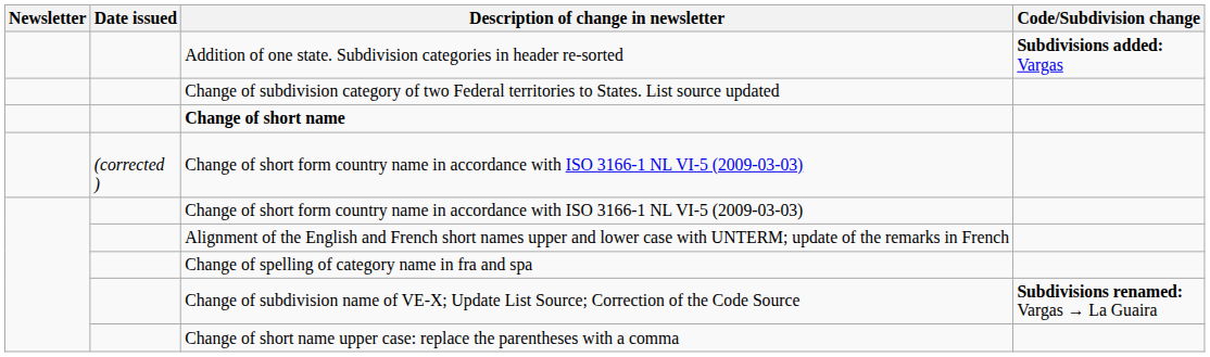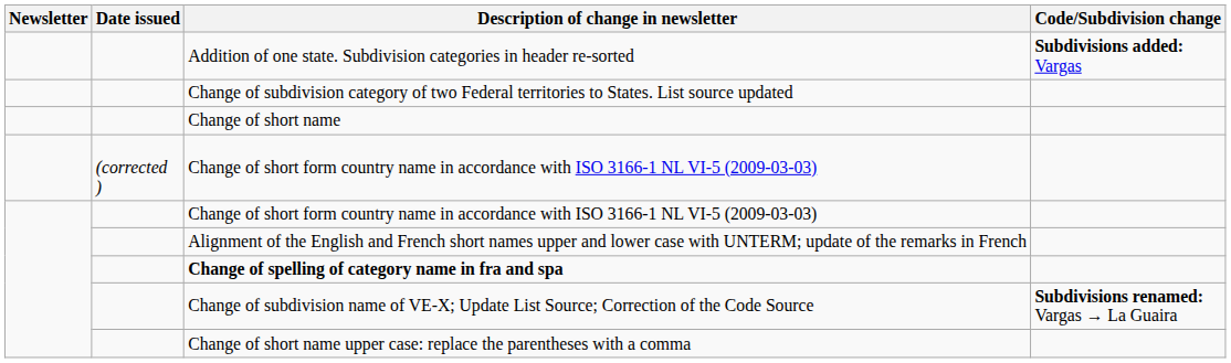 <table class="wikitable">
 <tr>
 <th>Newsletter</th>
 <th>Date issued</th>
 <th>Description of change in newsletter</th>
 <th>Code/Subdivision change</th>
 </tr>
 <tr>
 <td id="I-4"></td>
 <td></td>
 <td>Addition of one state. Subdivision categories in header re-sorted</td>
 <td style=white-space:nowrap><strong>Subdivisions added:</strong><br>  <a href='#'>Vargas</a></td>
 </tr>
 <tr>
 <td id="I-5"></td>
 <td></td>
 <td>Change of subdivision category of two Federal territories to States. List source updated</td>
 <td></td>
 </tr>
 <tr>
 <td id="OBP1"></td>
 <td></td>
-<td><strong>Change of short name</strong></td>
+<td>Change of short name</td>
 </tr>
 <tr>
 <td id="II-1"></td>
 <td><br> <em>(corrected<br> )</em></td>
 <td>Change of short form country name in accordance with <a href='#'>ISO 3166-1 NL VI-5 (2009-03-03)</a></td>
 <td></td>
 </tr>
 <tr>
 <td id="OBP2" rowspan="5"></td>
 <td></td>
 <td>Change of short form country name in accordance with ISO 3166-1 NL VI-5 (2009-03-03)</td>
 <td></td>
 </tr>
 <tr>
 <td></td>
 <td>Alignment of the English and French short names upper and lower case with UNTERM; update of the remarks in French</td>
 <td></td>
 </tr>
 <tr>
 <td></td>
-<td>Change of spelling of category name in fra and spa</td>
+<td><strong>Change of spelling of category name in fra and spa</strong></td>
 <td></td>
 </tr>
 <tr>
 <td></td>
 <td>Change of subdivision name of VE-X; Update List Source; Correction of the Code Source</td>
 <td style=white-space:nowrap><strong>Subdivisions renamed:</strong><br>  Vargas → La Guaira</td>
 </tr>
 <tr>
 <td></td>
 <td>Change of short name upper case: replace the parentheses with a comma</td>
 <td></td>
 </tr>
 </table>
